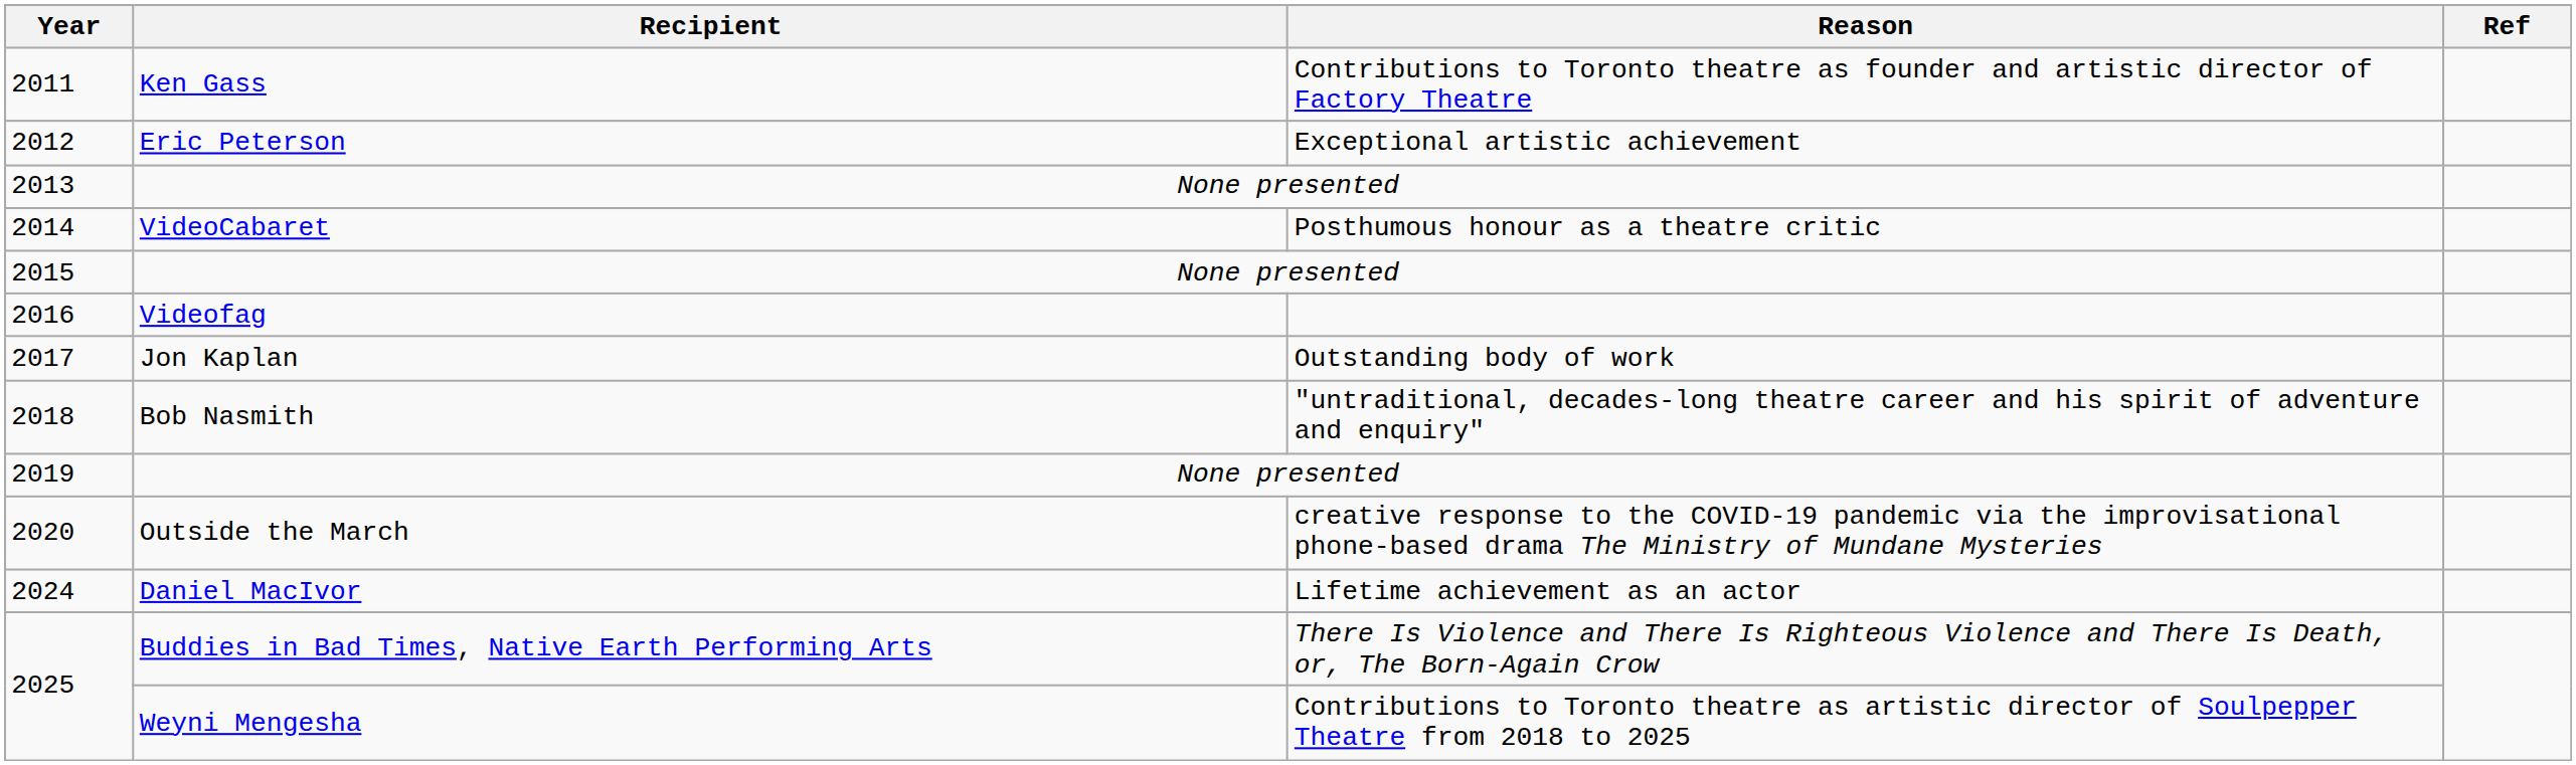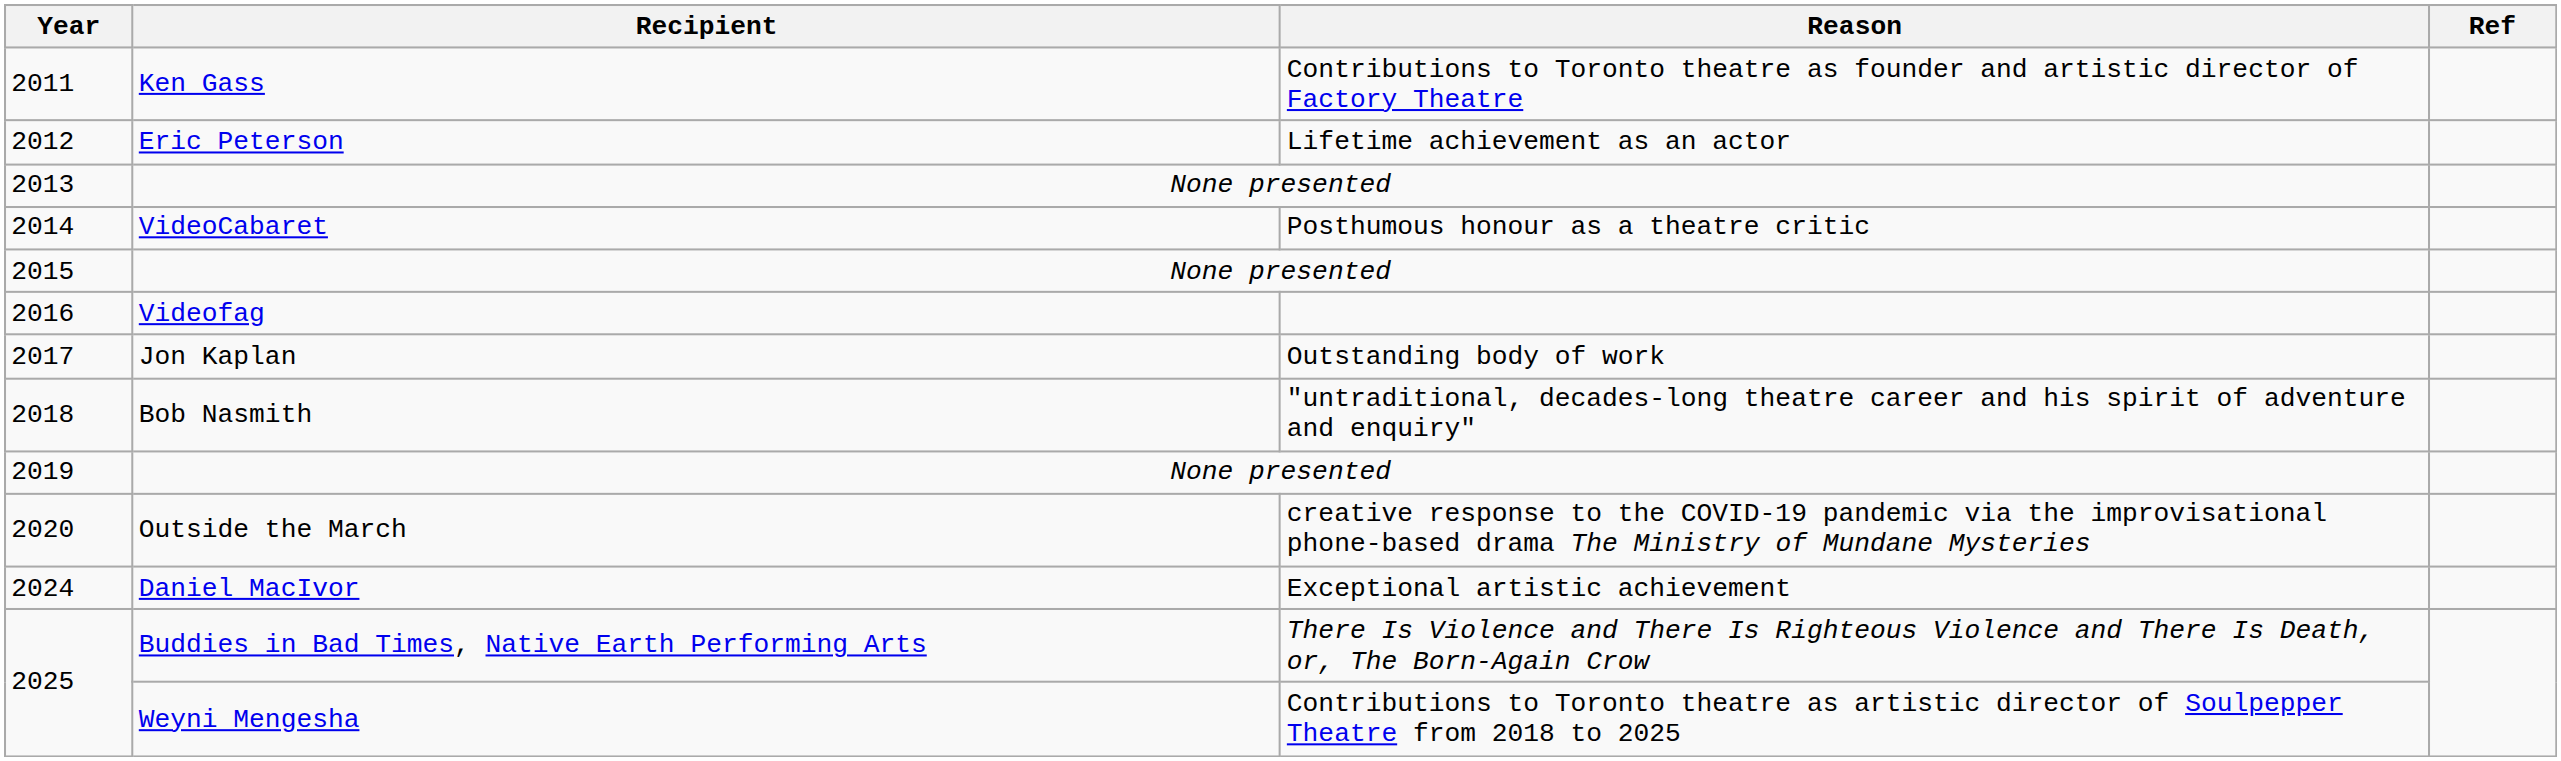 <table class = "wikitable sortable" width=100%>
 <tr>
 <th width=5%>Year</th>
 <th width=45%>Recipient</th>
 <th width=45%>Reason</th>
 <th width=5%>Ref</th>
 </tr>
 <tr>
 <td>2011</td>
 <td><a href='#'>Ken Gass</a></td>
 <td>Contributions to Toronto theatre as founder and artistic director of <a href='#'>Factory Theatre</a></td>
 <td></td>
 </tr>
 <tr>
 <td>2012</td>
 <td><a href='#'>Eric Peterson</a></td>
-<td>Exceptional artistic achievement</td>
+<td>Lifetime achievement as an actor</td>
 <td></td>
 </tr>
 <tr>
 <td>2013</td>
 <td colspan=2 align=center><em>None presented</em></td>
 <td></td>
 </tr>
 <tr>
 <td>2014</td>
 <td><a href='#'>VideoCabaret</a></td>
 <td>Posthumous honour as a theatre critic</td>
 <td></td>
 </tr>
 <tr>
 <td>2015</td>
 <td colspan=2 align=center><em>None presented</em></td>
 <td></td>
 </tr>
 <tr>
 <td>2016</td>
 <td><a href='#'>Videofag</a></td>
 <td></td>
 <td></td>
 </tr>
 <tr>
 <td>2017</td>
 <td>Jon Kaplan</td>
 <td>Outstanding body of work</td>
 <td></td>
 </tr>
 <tr>
 <td>2018</td>
 <td>Bob Nasmith</td>
 <td>"untraditional, decades-long theatre career and his spirit of adventure and enquiry"</td>
 <td></td>
 </tr>
 <tr>
 <td>2019</td>
 <td colspan=2 align=center><em>None presented</em></td>
 <td></td>
 </tr>
 <tr>
 <td>2020</td>
 <td>Outside the March</td>
 <td>creative response to the COVID-19 pandemic via the improvisational phone-based drama <em>The Ministry of Mundane Mysteries</em></td>
 <td></td>
 </tr>
 <tr>
 <td>2024</td>
 <td><a href='#'>Daniel MacIvor</a></td>
-<td>Lifetime achievement as an actor</td>
+<td>Exceptional artistic achievement</td>
 <td></td>
 </tr>
 <tr>
 <td rowspan=2>2025</td>
 <td><a href='#'>Buddies in Bad Times</a>, <a href='#'>Native Earth Performing Arts</a></td>
 <td><em>There Is Violence and There Is Righteous Violence and There Is Death, or, The Born-Again Crow</em></td>
 <td rowspan=2></td>
 </tr>
 <tr>
 <td><a href='#'>Weyni Mengesha</a></td>
 <td>Contributions to Toronto theatre as artistic director of <a href='#'>Soulpepper Theatre</a> from 2018 to 2025</td>
 </tr>
 </table>
